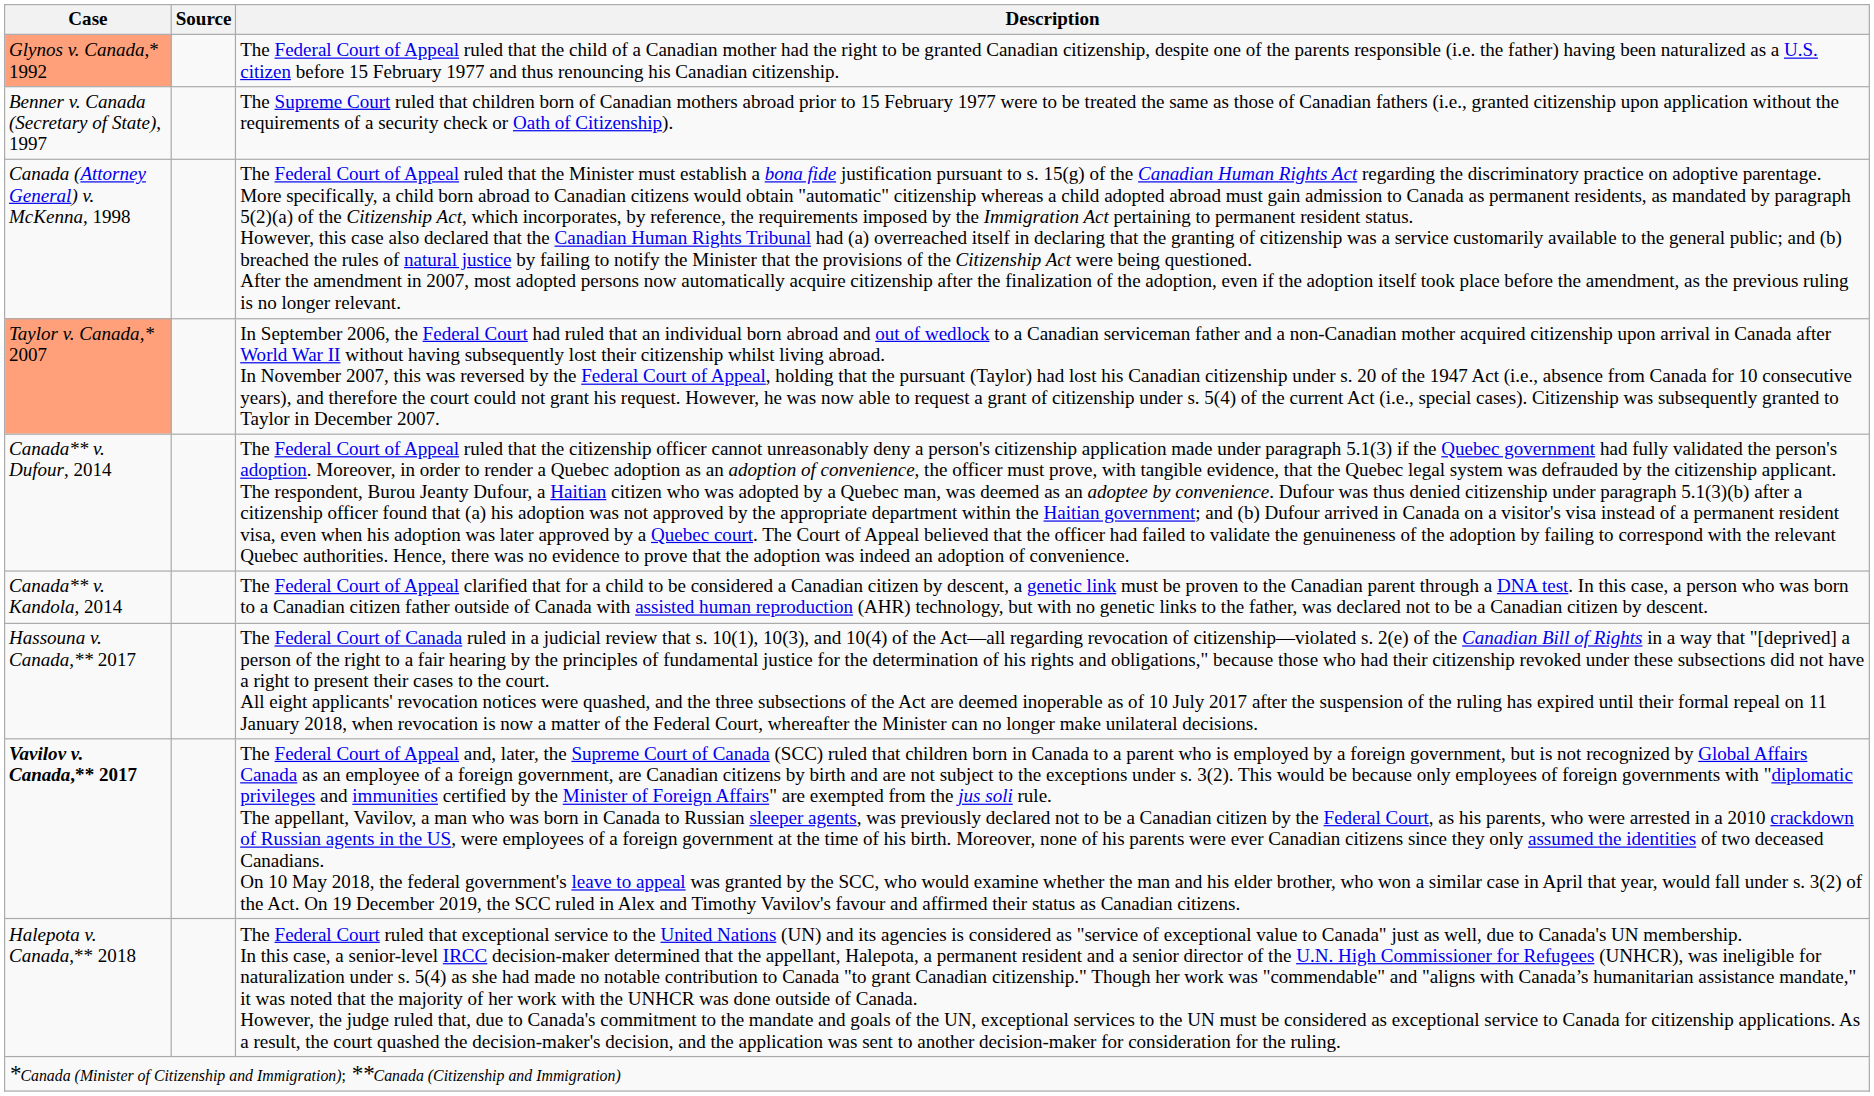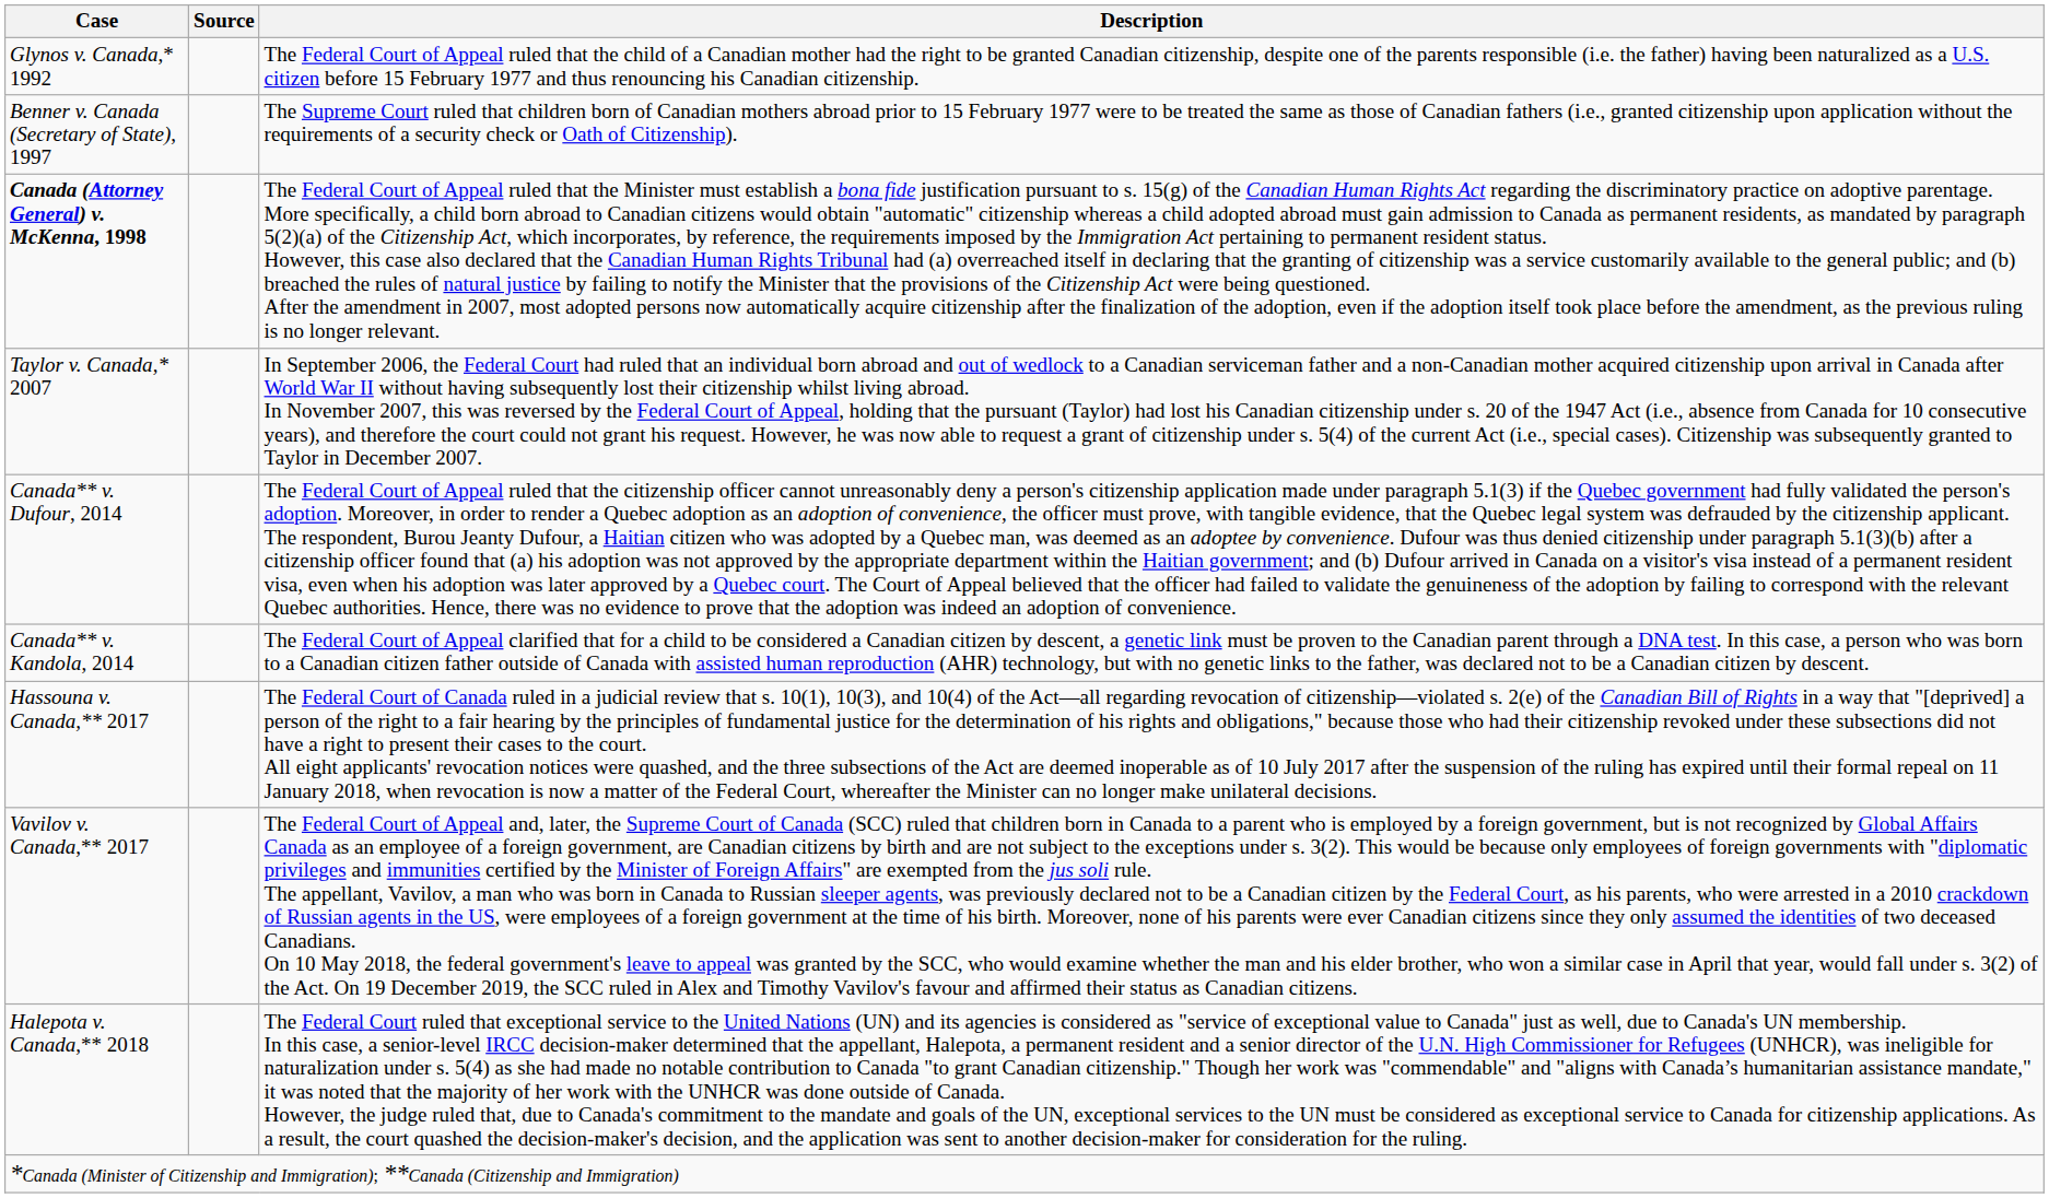 <table class="wikitable">
 <tr>
 <th>Case</th>
 <th>Source</th>
 <th>Description</th>
 </tr>
 <tr valign="top">
-<td style="background: lightsalmon;"><em>Glynos v. Canada</em>,* 1992</td>
+<td><em>Glynos v. Canada</em>,* 1992</td>
 <td></td>
 <td>The <a href='#'>Federal Court of Appeal</a> ruled that the child of a Canadian mother had the right to be granted Canadian citizenship, despite one of the parents responsible (i.e. the father) having been naturalized as a <a href='#'>U.S. citizen</a> before 15 February 1977 and thus renouncing his Canadian citizenship.</td>
 </tr>
 <tr valign="top">
 <td><em>Benner v. Canada (Secretary of State)</em>, 1997</td>
 <td></td>
 <td>The <a href='#'>Supreme Court</a> ruled that children born of Canadian mothers abroad prior to 15 February 1977 were to be treated the same as those of Canadian fathers (i.e., granted citizenship upon application without the requirements of a security check or <a href='#'>Oath of Citizenship</a>).</td>
 </tr>
 <tr valign="top">
-<td><em>Canada (<a href='#'>Attorney General</a>) v. McKenna</em>, 1998</td>
+<td><strong><em>Canada (<a href='#'>Attorney General</a>) v. McKenna</em>, 1998</strong></td>
 <td></td>
 <td>The <a href='#'>Federal Court of Appeal</a> ruled that the Minister must establish a <em><a href='#'>bona fide</a></em> justification pursuant to s. 15(g) of the <em><a href='#'>Canadian Human Rights Act</a></em> regarding the discriminatory practice on adoptive parentage. More specifically, a child born abroad to Canadian citizens would obtain "automatic" citizenship whereas a child adopted abroad must gain admission to Canada as permanent residents, as mandated by paragraph 5(2)(a) of the <em>Citizenship Act</em>, which incorporates, by reference, the requirements imposed by the <em>Immigration Act</em> pertaining to permanent resident status.<br>However, this case also declared that the <a href='#'>Canadian Human Rights Tribunal</a> had (a) overreached itself in declaring that the granting of citizenship was a service customarily available to the general public; and (b) breached the rules of <a href='#'>natural justice</a> by failing to notify the Minister that the provisions of the <em>Citizenship Act</em> were being questioned.<br>After the amendment in 2007, most adopted persons now automatically acquire citizenship after the finalization of the adoption, even if the adoption itself took place before the amendment, as the previous ruling is no longer relevant.</td>
 </tr>
 <tr valign="top">
-<td style="background: lightsalmon;"><em>Taylor v. Canada,*</em> 2007</td>
+<td><em>Taylor v. Canada,*</em> 2007</td>
 <td></td>
 <td>In September 2006, the <a href='#'>Federal Court</a> had ruled that an individual born abroad and <a href='#'>out of wedlock</a> to a Canadian serviceman father and a non-Canadian mother acquired citizenship upon arrival in Canada after <a href='#'>World War II</a> without having subsequently lost their citizenship whilst living abroad.<br>In November 2007, this was reversed by the <a href='#'>Federal Court of Appeal</a>, holding that the pursuant (Taylor) had lost his Canadian citizenship under s. 20 of the 1947 Act (i.e., absence from Canada for 10 consecutive years), and therefore the court could not grant his request. However, he was now able to request a grant of citizenship under s. 5(4) of the current Act (i.e., special cases). Citizenship was subsequently granted to Taylor in December 2007.</td>
 </tr>
 <tr valign="top">
 <td><em>Canada** v. Dufour</em>, 2014</td>
 <td></td>
 <td>The <a href='#'>Federal Court of Appeal</a> ruled that the citizenship officer cannot unreasonably deny a person's citizenship application made under paragraph 5.1(3) if the <a href='#'>Quebec government</a> had fully validated the person's <a href='#'>adoption</a>. Moreover, in order to render a Quebec adoption as an <em>adoption of convenience</em>, the officer must prove, with tangible evidence, that the Quebec legal system was defrauded by the citizenship applicant.<br>The respondent, Burou Jeanty Dufour, a <a href='#'>Haitian</a> citizen who was adopted by a Quebec man, was deemed as an <em>adoptee by convenience</em>. Dufour was thus denied citizenship under paragraph 5.1(3)(b) after a citizenship officer found that (a) his adoption was not approved by the appropriate department within the <a href='#'>Haitian government</a>; and (b) Dufour arrived in Canada on a visitor's visa instead of a permanent resident visa, even when his adoption was later approved by a <a href='#'>Quebec court</a>. The Court of Appeal believed that the officer had failed to validate the genuineness of the adoption by failing to correspond with the relevant Quebec authorities. Hence, there was no evidence to prove that the adoption was indeed an adoption of convenience.</td>
 </tr>
 <tr valign="top">
 <td><em>Canada** v. Kandola</em>, 2014</td>
 <td></td>
 <td>The <a href='#'>Federal Court of Appeal</a> clarified that for a child to be considered a Canadian citizen by descent, a <a href='#'>genetic link</a> must be proven to the Canadian parent through a <a href='#'>DNA test</a>. In this case, a person who was born to a Canadian citizen father outside of Canada with <a href='#'>assisted human reproduction</a> (AHR) technology, but with no genetic links to the father, was declared not to be a Canadian citizen by descent.</td>
 </tr>
 <tr valign="top">
 <td><em>Hassouna v. Canada,**</em> 2017</td>
 <td></td>
 <td>The <a href='#'>Federal Court of Canada</a> ruled in a judicial review that s. 10(1), 10(3), and 10(4) of the Act—all regarding revocation of citizenship—violated s. 2(e) of the <em><a href='#'>Canadian Bill of Rights</a></em> in a way that "[deprived] a person of the right to a fair hearing by the principles of fundamental justice for the determination of his rights and obligations," because those who had their citizenship revoked under these subsections did not have a right to present their cases to the court.<br>All eight applicants' revocation notices were quashed, and the three subsections of the Act are deemed inoperable as of 10 July 2017 after the suspension of the ruling has expired until their formal repeal on 11 January 2018, when revocation is now a matter of the Federal Court, whereafter the Minister can no longer make unilateral decisions.</td>
 </tr>
 <tr valign="top">
-<td><strong><em>Vavilov v. Canada</em>,** 2017</strong></td>
+<td><em>Vavilov v. Canada</em>,** 2017</td>
 <td></td>
 <td>The <a href='#'>Federal Court of Appeal</a> and, later, the <a href='#'>Supreme Court of Canada</a> (SCC) ruled that children born in Canada to a parent who is employed by a foreign government, but is not recognized by <a href='#'>Global Affairs Canada</a> as an employee of a foreign government, are Canadian citizens by birth and are not subject to the exceptions under s. 3(2). This would be because only employees of foreign governments with "<a href='#'>diplomatic privileges</a> and <a href='#'>immunities</a> certified by the <a href='#'>Minister of Foreign Affairs</a>" are exempted from the <em><a href='#'>jus soli</a></em> rule.<br>The appellant, Vavilov, a man who was born in Canada to Russian <a href='#'>sleeper agents</a>, was previously declared not to be a Canadian citizen by the <a href='#'>Federal Court</a>, as his parents, who were arrested in a 2010 <a href='#'>crackdown of Russian agents in the US</a>, were employees of a foreign government at the time of his birth. Moreover, none of his parents were ever Canadian citizens since they only <a href='#'>assumed the identities</a> of two deceased Canadians.<br>On 10 May 2018, the federal government's <a href='#'>leave to appeal</a> was granted by the SCC, who would examine whether the man and his elder brother, who won a similar case in April that year, would fall under s. 3(2) of the Act. On 19 December 2019, the SCC ruled in Alex and Timothy Vavilov's favour and affirmed their status as Canadian citizens.</td>
 </tr>
 <tr valign="top">
 <td><em>Halepota v. Canada</em>,** 2018</td>
 <td></td>
 <td>The <a href='#'>Federal Court</a> ruled that exceptional service to the <a href='#'>United Nations</a> (UN) and its agencies is considered as "service of exceptional value to Canada" just as well, due to Canada's UN membership.<br>In this case, a senior-level <a href='#'>IRCC</a> decision-maker determined that the appellant, Halepota, a permanent resident and a senior director of the <a href='#'>U.N. High Commissioner for Refugees</a> (UNHCR), was ineligible for naturalization under s. 5(4) as she had made no notable contribution to Canada "to grant Canadian citizenship." Though her work was "commendable" and "aligns with Canada’s humanitarian assistance mandate," it was noted that the majority of her work with the UNHCR was done outside of Canada.<br>However, the judge ruled that, due to Canada's commitment to the mandate and goals of the UN, exceptional services to the UN must be considered as exceptional service to Canada for citizenship applications. As a result, the court quashed the decision-maker's decision, and the application was sent to another decision-maker for consideration for the ruling.</td>
 </tr>
 <tr>
 <td colspan="3"><em><big>*</big><small>Canada (Minister of Citizenship and Immigration)</small></em><small>;</small> <em><big>**</big><small>Canada (Citizenship and Immigration)</small></em></td>
 </tr>
 </table>
